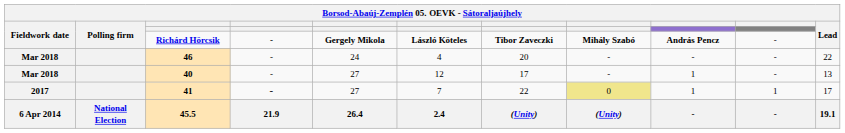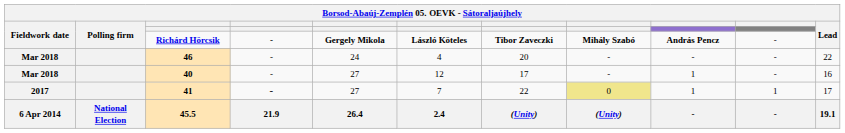 <table class="wikitable mw-collapsible mw-collapsed" style="text-align:center">
 <tr>
 <th colspan="11" style="width: 980pt;"><small><a href='#'>Borsod-Abaúj-Zemplén</a> 05.</small> <small>OEVK - <a href='#'>Sátoraljaújhely</a></small></th>
 </tr>
 <tr>
 <th rowspan="3" style="width: 80pt;"><small>Fieldwork</small> <small>date</small></th>
 <th rowspan="3" style="width: 80pt;"><strong><small>Polling</small> <small>firm</small></strong></th>
 <th style="width: 100pt;"><small></small></th>
 <th style="width: 100pt;"><small> </small></th>
 <th style="width: 100pt;"></th>
 <th style="width: 100pt;"></th>
 <th style="width: 100pt;"></th>
 <th style="width: 100pt;"></th>
 <th style="width: 100pt;"></th>
 <th style="width: 100pt;"></th>
 <th rowspan="3" style="width: 20pt;"><small>Lead</small></th>
 </tr>
 <tr>
 <th style="color:inherit;background:"></th>
 <th style="color:inherit;background:"></th>
 <th style="color:inherit;background:"></th>
 <th style="color:inherit;background:"></th>
 <th style="color:inherit;background:"></th>
 <th style="color:inherit;background:"></th>
 <th style="color:inherit;background:#8E6FCE;"></th>
 <th style="color:inherit;background:#808080;"></th>
 </tr>
 <tr>
 <td><a href='#'><small><strong>Richárd Hörcsik</strong></small></a></td>
 <td><small><strong>-</strong></small></td>
 <td><small><strong>Gergely Mikola</strong></small></td>
 <td><small><strong>László Köteles</strong></small></td>
 <td><small><strong>Tibor Zaveczki</strong></small></td>
 <td><small><strong>Mihály Szabó</strong></small></td>
 <td><small><strong>András Pencz</strong></small></td>
 <td><small>-</small></td>
 </tr>
 <tr>
 <th><small>Mar 2018</small></th>
 <th><small></small></th>
 <td style="background:#FFE5B4"><strong><small>46</small></strong></td>
 <td><small>-</small></td>
 <td><small>24</small></td>
 <td><small>4</small></td>
 <td><small>20</small></td>
 <td><small>-</small></td>
 <td><small>-</small></td>
 <td><small>-</small></td>
 <td style="background:"><small>22</small></td>
 </tr>
 <tr>
 <th><small>Mar 2018</small></th>
 <th></th>
 <td style="background:#FFE5B4"><small><strong>40</strong></small></td>
 <td><small>-</small></td>
 <td><small>27</small></td>
 <td><small>12</small></td>
 <td><small>17</small></td>
 <td><small>-</small></td>
 <td><small>1</small></td>
 <td><small>-</small></td>
-<td style="background:"><small>13</small></td>
+<td style="background:"><small>16</small></td>
 </tr>
 <tr>
 <th><small>2017</small></th>
 <th><small></small></th>
 <td style="background:#FFE5B4"><strong><small>41</small></strong></td>
 <td>-</td>
 <td><small>27</small></td>
 <td><small>7</small></td>
 <td><small>22</small></td>
 <td style="background: khaki;"><small>0</small></td>
 <td><small>1</small></td>
 <td><small>1</small></td>
 <td style="background:"><small>17</small></td>
 </tr>
 <tr>
 <th><small>6 Apr 2014</small></th>
 <th><a href='#'><small>National Election</small></a></th>
 <th style="background:#FFE5B4"><strong><small>45.5</small></strong></th>
 <th><small>21.9</small></th>
 <th><small>26.4</small></th>
 <th><small>2.4</small></th>
 <th><small><em>(<a href='#'>Unity</a>)</em></small></th>
 <th><small><em>(<a href='#'>Unity</a>)</em></small></th>
 <th><small>-</small></th>
 <th><small>-</small></th>
 <th style="background:"><small>19.1</small></th>
 </tr>
 </table>
